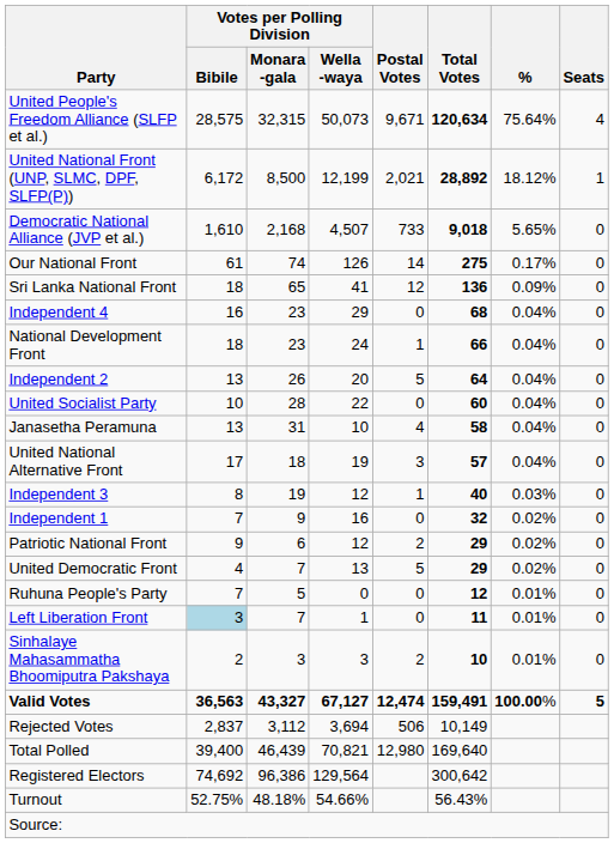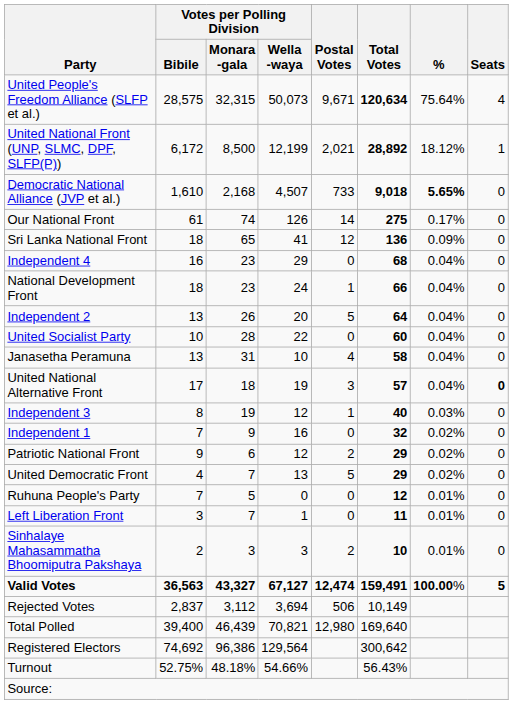 <table class="wikitable" border="1" style="text-align:right;">
 <tr>
 <th align=left valign=bottom rowspan=2 width="180">Party</th>
 <th colspan=3>Votes per Polling Division</th>
 <th align=center valign=bottom rowspan=2 width="50">Postal<br>Votes</th>
 <th align=center valign=bottom rowspan=2 width="50">Total Votes</th>
 <th align=center valign=bottom rowspan=2 width="50">%</th>
 <th align=center valign=bottom rowspan=2 width="40">Seats</th>
 </tr>
 <tr>
 <th align=center valign=bottom width="50">Bibile</th>
 <th align=center valign=bottom width="50">Monara<br>-gala</th>
 <th align=center valign=bottom width="50">Wella<br>-waya</th>
 </tr>
 <tr>
 <td align=left><a href='#'>United People's Freedom Alliance</a> (<a href='#'>SLFP</a> et al.)</td>
 <td>28,575</td>
 <td>32,315</td>
 <td>50,073</td>
 <td>9,671</td>
 <td><strong>120,634</strong></td>
 <td>75.64%</td>
 <td>4</td>
 </tr>
 <tr>
 <td align=left><a href='#'>United National Front</a><br>(<a href='#'>UNP</a>, <a href='#'>SLMC</a>, <a href='#'>DPF</a>, <a href='#'>SLFP(P)</a>)</td>
 <td>6,172</td>
 <td>8,500</td>
 <td>12,199</td>
 <td>2,021</td>
 <td><strong>28,892</strong></td>
 <td>18.12%</td>
 <td>1</td>
 </tr>
 <tr>
 <td align=left><a href='#'>Democratic National Alliance</a> (<a href='#'>JVP</a> et al.)</td>
 <td>1,610</td>
 <td>2,168</td>
 <td>4,507</td>
 <td>733</td>
 <td><strong>9,018</strong></td>
-<td>5.65%</td>
+<td><strong>5.65%</strong></td>
 <td>0</td>
 </tr>
 <tr>
 <td align=left>Our National Front</td>
 <td>61</td>
 <td>74</td>
 <td>126</td>
 <td>14</td>
 <td><strong>275</strong></td>
 <td>0.17%</td>
 <td>0</td>
 </tr>
 <tr>
 <td align=left>Sri Lanka National Front</td>
 <td>18</td>
 <td>65</td>
 <td>41</td>
 <td>12</td>
 <td><strong>136</strong></td>
 <td>0.09%</td>
 <td>0</td>
 </tr>
 <tr>
 <td align=left><a href='#'>Independent 4</a></td>
 <td>16</td>
 <td>23</td>
 <td>29</td>
 <td>0</td>
 <td><strong>68</strong></td>
 <td>0.04%</td>
 <td>0</td>
 </tr>
 <tr>
 <td align=left>National Development Front</td>
 <td>18</td>
 <td>23</td>
 <td>24</td>
 <td>1</td>
 <td><strong>66</strong></td>
 <td>0.04%</td>
 <td>0</td>
 </tr>
 <tr>
 <td align=left><a href='#'>Independent 2</a></td>
 <td>13</td>
 <td>26</td>
 <td>20</td>
 <td>5</td>
 <td><strong>64</strong></td>
 <td>0.04%</td>
 <td>0</td>
 </tr>
 <tr>
 <td align=left><a href='#'>United Socialist Party</a></td>
 <td>10</td>
 <td>28</td>
 <td>22</td>
 <td>0</td>
 <td><strong>60</strong></td>
 <td>0.04%</td>
 <td>0</td>
 </tr>
 <tr>
 <td align=left>Janasetha Peramuna</td>
 <td>13</td>
 <td>31</td>
 <td>10</td>
 <td>4</td>
 <td><strong>58</strong></td>
 <td>0.04%</td>
 <td>0</td>
 </tr>
 <tr>
 <td align=left>United National Alternative Front</td>
 <td>17</td>
 <td>18</td>
 <td>19</td>
 <td>3</td>
 <td><strong>57</strong></td>
 <td>0.04%</td>
-<td>0</td>
+<td><strong>0</strong></td>
 </tr>
 <tr>
 <td align=left><a href='#'>Independent 3</a></td>
 <td>8</td>
 <td>19</td>
 <td>12</td>
 <td>1</td>
 <td><strong>40</strong></td>
 <td>0.03%</td>
 <td>0</td>
 </tr>
 <tr>
 <td align=left><a href='#'>Independent 1</a></td>
 <td>7</td>
 <td>9</td>
 <td>16</td>
 <td>0</td>
 <td><strong>32</strong></td>
 <td>0.02%</td>
 <td>0</td>
 </tr>
 <tr>
 <td align=left>Patriotic National Front</td>
 <td>9</td>
 <td>6</td>
 <td>12</td>
 <td>2</td>
 <td><strong>29</strong></td>
 <td>0.02%</td>
 <td>0</td>
 </tr>
 <tr>
 <td align=left>United Democratic Front</td>
 <td>4</td>
 <td>7</td>
 <td>13</td>
 <td>5</td>
 <td><strong>29</strong></td>
 <td>0.02%</td>
 <td>0</td>
 </tr>
 <tr>
 <td align=left>Ruhuna People's Party</td>
 <td>7</td>
 <td>5</td>
 <td>0</td>
 <td>0</td>
 <td><strong>12</strong></td>
 <td>0.01%</td>
 <td>0</td>
 </tr>
 <tr>
 <td align=left><a href='#'>Left Liberation Front </a></td>
-<td style="background: lightblue;">3</td>
+<td>3</td>
 <td>7</td>
 <td>1</td>
 <td>0</td>
 <td><strong>11</strong></td>
 <td>0.01%</td>
 <td>0</td>
 </tr>
 <tr>
 <td align=left><a href='#'>Sinhalaye Mahasammatha Bhoomiputra Pakshaya</a></td>
 <td>2</td>
 <td>3</td>
 <td>3</td>
 <td>2</td>
 <td><strong>10</strong></td>
 <td>0.01%</td>
 <td>0</td>
 </tr>
 <tr>
 <td align=left><strong>Valid Votes</strong></td>
 <td><strong>36,563</strong></td>
 <td><strong>43,327</strong></td>
 <td><strong>67,127</strong></td>
 <td><strong>12,474</strong></td>
 <td><strong>159,491</strong></td>
 <td><strong>100.00</strong>%</td>
 <td><strong>5</strong></td>
 </tr>
 <tr>
 <td align=left>Rejected Votes</td>
 <td>2,837</td>
 <td>3,112</td>
 <td>3,694</td>
 <td>506</td>
 <td>10,149</td>
 <td></td>
 <td></td>
 </tr>
 <tr>
 <td align=left>Total Polled</td>
 <td>39,400</td>
 <td>46,439</td>
 <td>70,821</td>
 <td>12,980</td>
 <td>169,640</td>
 <td></td>
 <td></td>
 </tr>
 <tr>
 <td align=left>Registered Electors</td>
 <td>74,692</td>
 <td>96,386</td>
 <td>129,564</td>
 <td></td>
 <td>300,642</td>
 <td></td>
 <td></td>
 </tr>
 <tr>
 <td align=left>Turnout</td>
 <td>52.75%</td>
 <td>48.18%</td>
 <td>54.66%</td>
 <td></td>
 <td>56.43%</td>
 <td></td>
 <td></td>
 </tr>
 <tr>
 <td align=left colspan=9>Source:</td>
 </tr>
 </table>
